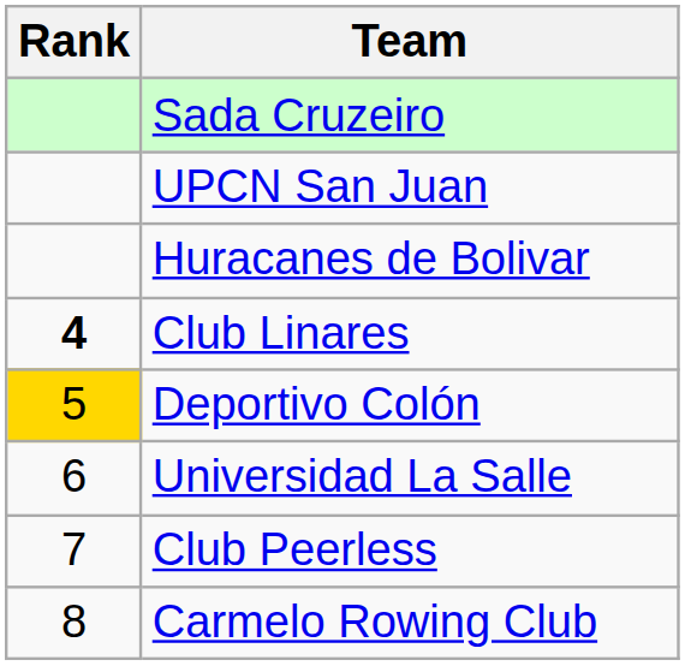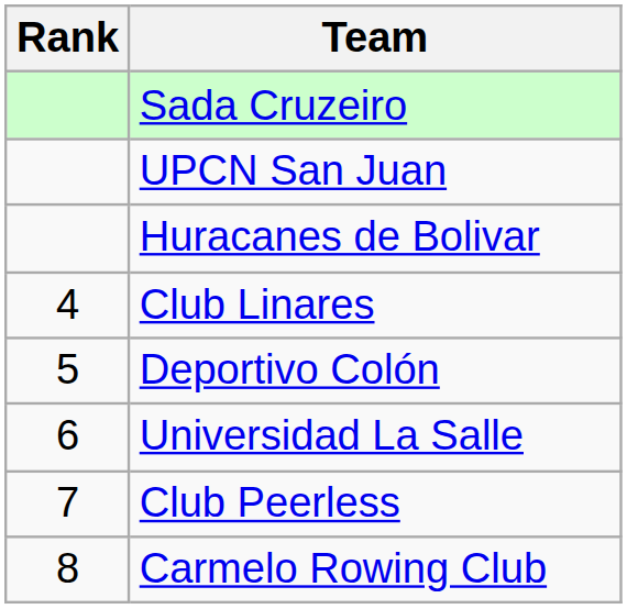 <table class="wikitable" style="text-align: center;">
 <tr>
 <th width=40>Rank</th>
 <th width=180>Team</th>
 </tr>
 <tr bgcolor=#ccffcc align=center>
 <td></td>
 <td style="text-align:left;"> <a href='#'>Sada Cruzeiro</a></td>
 </tr>
 <tr align=center>
 <td></td>
 <td style="text-align:left;"> <a href='#'>UPCN San Juan</a></td>
 </tr>
 <tr align=center>
 <td></td>
 <td style="text-align:left;"> <a href='#'>Huracanes de Bolivar</a></td>
 </tr>
 <tr align=center>
-<td><strong>4</strong></td>
+<td>4</td>
 <td style="text-align:left;"> <a href='#'>Club Linares</a></td>
 </tr>
 <tr align=center>
-<td style="background: gold;">5</td>
+<td>5</td>
 <td style="text-align:left;"> <a href='#'>Deportivo Colón</a></td>
 </tr>
 <tr align=center>
 <td>6</td>
 <td style="text-align:left;"> <a href='#'>Universidad La Salle</a></td>
 </tr>
 <tr align=center>
 <td>7</td>
 <td style="text-align:left;"> <a href='#'>Club Peerless</a></td>
 </tr>
 <tr align=center>
 <td>8</td>
 <td style="text-align:left;"> <a href='#'>Carmelo Rowing Club</a></td>
 </tr>
 </table>
